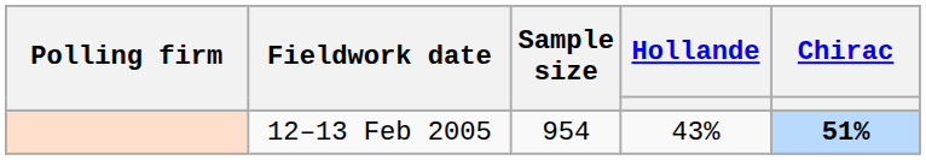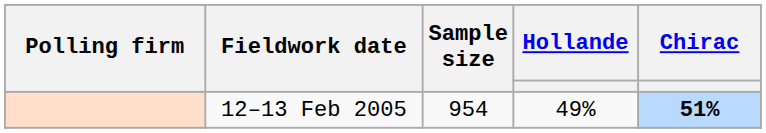 <table class="wikitable sortable" style="text-align:center;font-size:90%;line-height:14px;">
 <tr style="height:40px;">
 <th style="width:100px;" rowspan="2">Polling firm</th>
 <th style="width:110px;" rowspan="2">Fieldwork date</th>
 <th style="width:35px;" rowspan="2">Sample<br>size</th>
 <th class="unsortable" style="width:60px;"><a href='#'>Hollande</a><br></th>
 <th class="unsortable" style="width:60px;"><a href='#'>Chirac</a><br></th>
 </tr>
 <tr>
 <th style="background:"></th>
 <th style="background:"></th>
 </tr>
 <tr>
 <td style="background:#FFDFCC;"></td>
 <td data-sort-value="2005-02-13">12–13 Feb 2005</td>
 <td>954</td>
-<td>43%</td>
+<td>49%</td>
 <td style="background:#B9DAFF;"><strong>51%</strong></td>
 </tr>
 </table>
